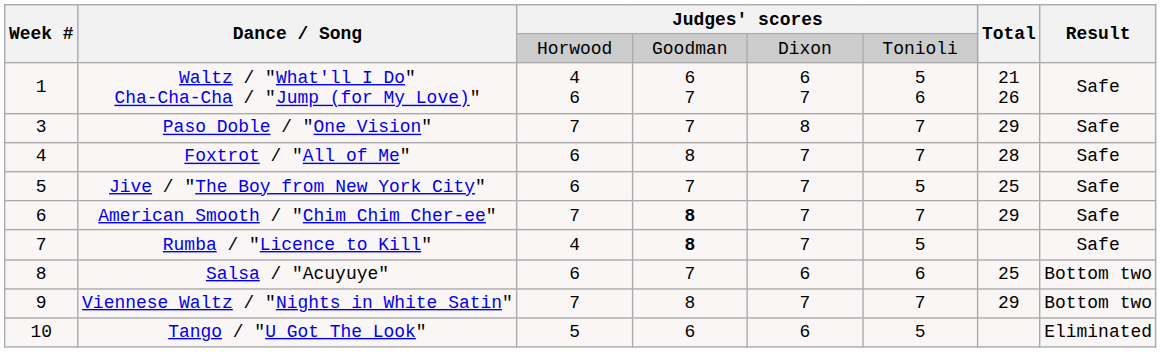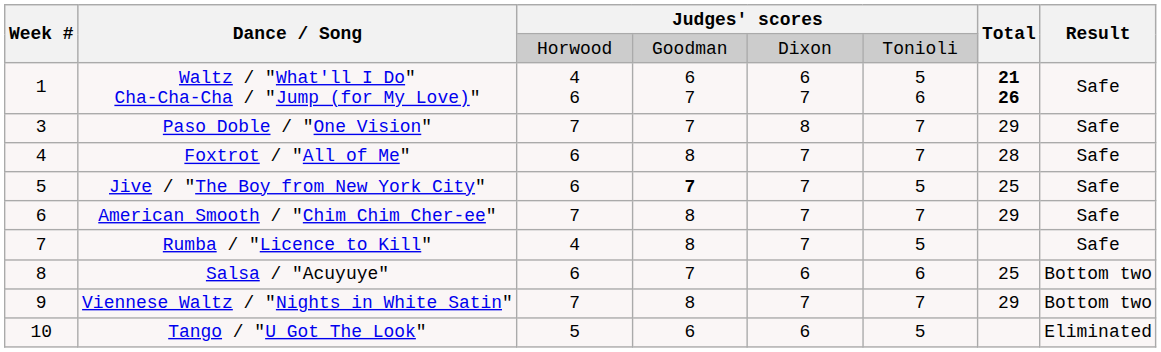 <table class="wikitable collapsible collapsed">
 <tr style="text-align:Center; background:#ccc;">
 <th rowspan="2">Week #</th>
 <th rowspan="2">Dance / Song</th>
 <th colspan="4">Judges' scores</th>
 <th rowspan="2">Total</th>
 <th rowspan="2">Result</th>
 </tr>
 <tr style="text-align:center; background:#ccc;">
 <td style="width:10%; ">Horwood</td>
 <td style="width:10%; ">Goodman</td>
 <td style="width:10%; ">Dixon</td>
 <td style="width:10%; ">Tonioli</td>
 </tr>
 <tr style="text-align: center; background:#faf6f6;">
 <td>1</td>
 <td><a href='#'>Waltz</a> / "<a href='#'>What'll I Do</a>"<br><a href='#'>Cha-Cha-Cha</a> / "<a href='#'>Jump (for My Love)</a>"</td>
 <td>4<br>6</td>
 <td>6<br>7</td>
 <td>6<br>7</td>
 <td>5<br>6</td>
-<td>21<br>26</td>
+<td><strong>21<br>26</strong></td>
 <td>Safe</td>
 </tr>
 <tr style="text-align:center; background:#faf6f6;">
 <td>3</td>
 <td><a href='#'>Paso Doble</a> / "<a href='#'>One Vision</a>"</td>
 <td>7</td>
 <td>7</td>
 <td>8</td>
 <td>7</td>
 <td>29</td>
 <td>Safe</td>
 </tr>
 <tr style="text-align:center; background:#faf6f6;">
 <td>4</td>
 <td><a href='#'>Foxtrot</a> / "<a href='#'>All of Me</a>"</td>
 <td>6</td>
 <td>8</td>
 <td>7</td>
 <td>7</td>
 <td>28</td>
 <td>Safe</td>
 </tr>
 <tr style="text-align:center; background:#faf6f6;">
 <td>5</td>
 <td><a href='#'>Jive</a> / "<a href='#'>The Boy from New York City</a>"</td>
 <td>6</td>
-<td>7</td>
+<td><strong>7</strong></td>
 <td>7</td>
 <td>5</td>
 <td>25</td>
 <td>Safe</td>
 </tr>
 <tr style="text-align:center; background:#faf6f6;">
 <td>6</td>
 <td><a href='#'>American Smooth</a> / "<a href='#'>Chim Chim Cher-ee</a>"</td>
 <td>7</td>
-<td><strong>8</strong></td>
+<td>8</td>
 <td>7</td>
 <td>7</td>
 <td>29</td>
 <td>Safe</td>
 </tr>
 <tr style="text-align:center; background:#faf6f6;">
 <td>7</td>
 <td><a href='#'>Rumba</a> / "<a href='#'>Licence to Kill</a>"</td>
 <td>4</td>
-<td><strong>8</strong></td>
+<td>8</td>
 <td>7</td>
 <td>5</td>
 <td></td>
 <td>Safe</td>
 </tr>
 <tr style="text-align:center; background:#faf6f6;">
 <td>8</td>
 <td><a href='#'>Salsa</a> / "Acuyuye"</td>
 <td>6</td>
 <td>7</td>
 <td>6</td>
 <td>6</td>
 <td>25</td>
 <td>Bottom two</td>
 </tr>
 <tr style="text-align:center; background:#faf6f6;">
 <td>9</td>
 <td><a href='#'>Viennese Waltz</a> / "<a href='#'>Nights in White Satin</a>"</td>
 <td>7</td>
 <td>8</td>
 <td>7</td>
 <td>7</td>
 <td>29</td>
 <td>Bottom two</td>
 </tr>
 <tr style="text-align:center; background:#faf6f6;">
 <td>10</td>
 <td><a href='#'>Tango</a> / "<a href='#'>U Got The Look</a>"</td>
 <td>5</td>
 <td>6</td>
 <td>6</td>
 <td>5</td>
 <td></td>
 <td>Eliminated</td>
 </tr>
 </table>
